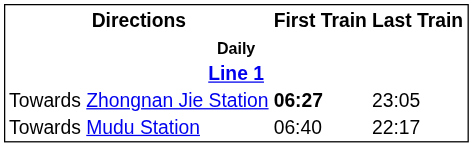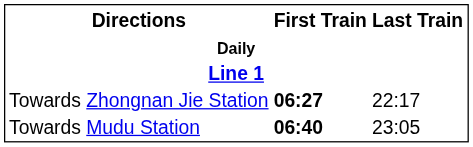 <table style="text-align:centre; font-size:95%; border:1px solid black">
 <tr>
 <th>Directions</th>
 <th>First Train</th>
 <th>Last Train</th>
 </tr>
 <tr>
 <th colspan="5" style="text-align:center"><small>Daily</small></th>
 </tr>
 <tr>
 <th colspan="8" style="background-color:#"><a href='#'>Line 1</a></th>
 </tr>
 <tr>
 <td>Towards <a href='#'>Zhongnan Jie Station</a></td>
 <td><strong>06:27</strong></td>
-<td>23:05</td>
+<td>22:17</td>
 </tr>
 <tr>
 <td>Towards <a href='#'>Mudu Station</a></td>
-<td>06:40</td>
-<td>22:17</td>
+<td><strong>06:40</strong></td>
+<td>23:05</td>
 </tr>
 </table>
